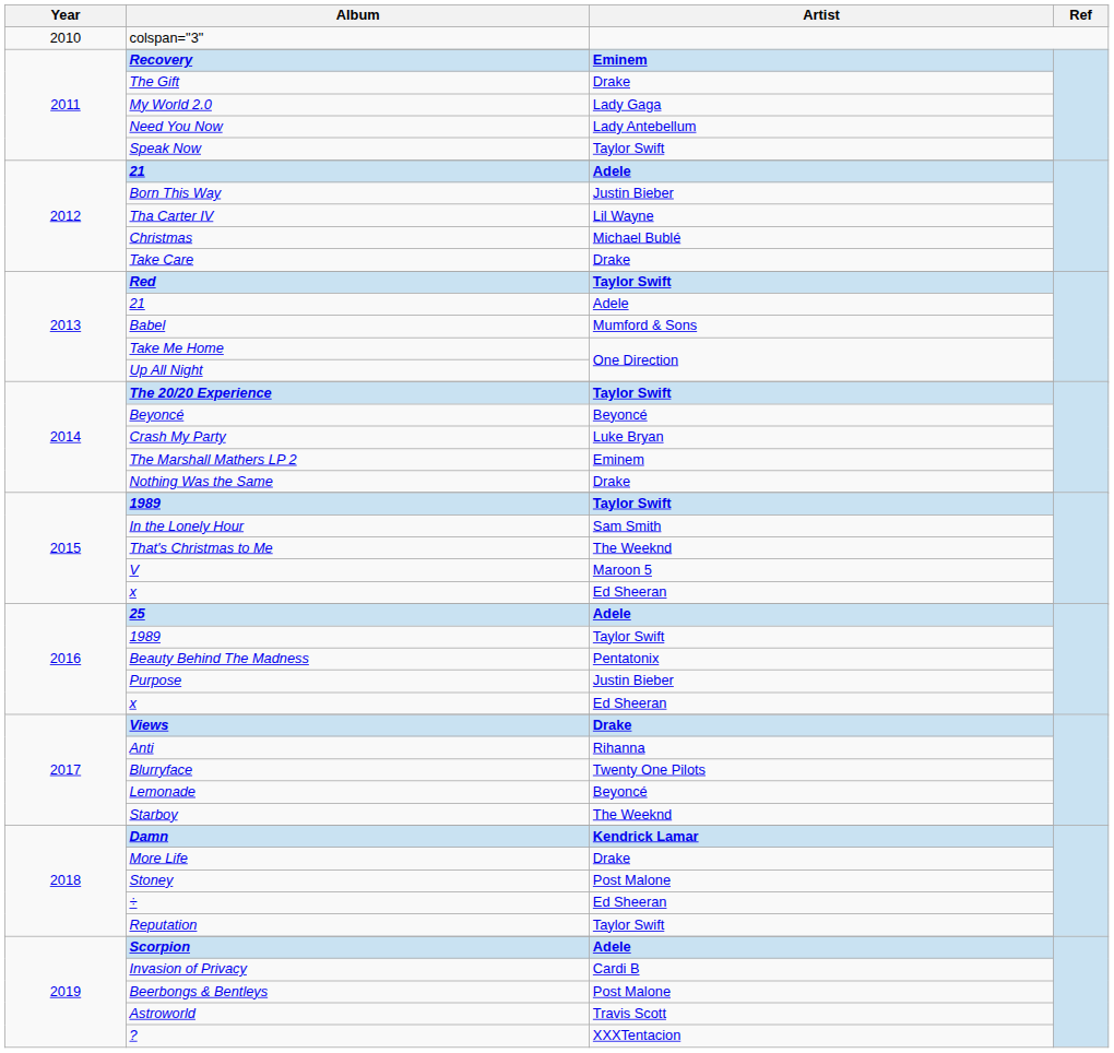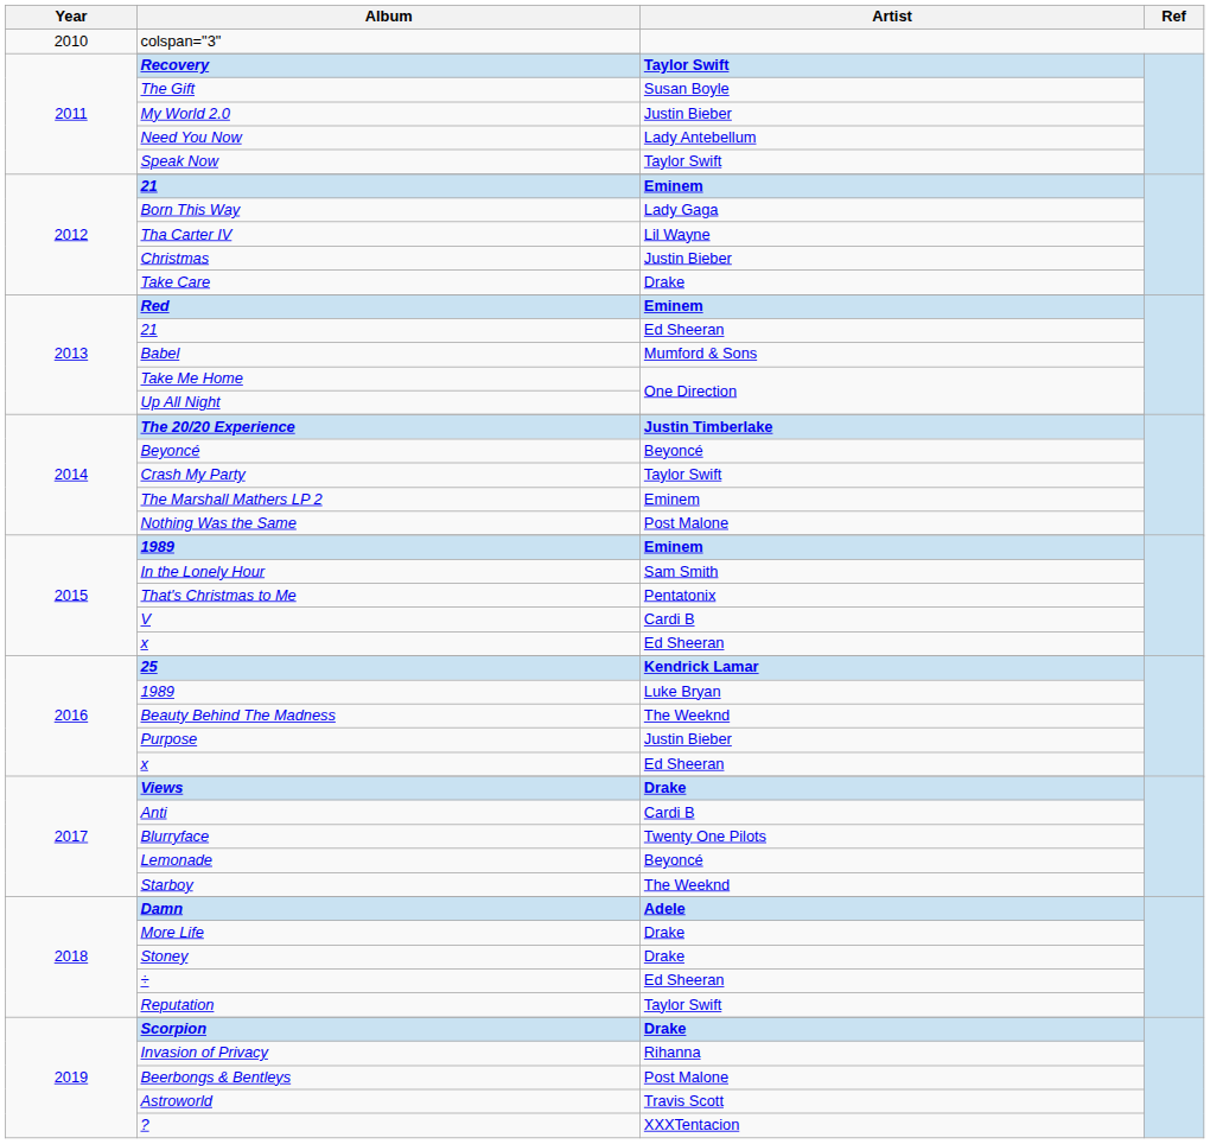 <table class="wikitable" style="width:100%;">
 <tr style="background:#bebebe;">
 <th style="width:11%;">Year</th>
 <th style="width:42%;">Album</th>
 <th style="width:42%;">Artist</th>
 <th style="width:5%;">Ref</th>
 </tr>
 <tr>
 <td align="center">2010</td>
 <td>colspan="3" </td>
 </tr>
 <tr>
 <td rowspan="6" align="center"><a href='#'>2011</a></td>
 </tr>
 <tr style="background:#c9e2f2">
 <td><strong><em><a href='#'>Recovery</a></em></strong></td>
-<td><strong><a href='#'>Eminem</a></strong></td>
+<td><strong><a href='#'>Taylor Swift</a></strong></td>
 <td rowspan="6" align="center"></td>
 </tr>
 <tr>
 <td><em><a href='#'>The Gift</a></em></td>
-<td><a href='#'>Drake</a></td>
+<td><a href='#'>Susan Boyle</a></td>
 </tr>
 <tr>
 <td><em><a href='#'>My World 2.0</a></em></td>
-<td><a href='#'>Lady Gaga</a></td>
+<td><a href='#'>Justin Bieber</a></td>
 </tr>
 <tr>
 <td><em><a href='#'>Need You Now</a></em></td>
 <td><a href='#'>Lady Antebellum</a></td>
 </tr>
 <tr>
 <td><em><a href='#'>Speak Now</a></em></td>
 <td><a href='#'>Taylor Swift</a></td>
 </tr>
 <tr>
 <td rowspan="6" align="center"><a href='#'>2012</a></td>
 </tr>
 <tr style="background:#c9e2f2">
 <td><strong><em><a href='#'>21</a></em></strong></td>
-<td><strong><a href='#'>Adele</a></strong></td>
+<td><strong><a href='#'>Eminem</a></strong></td>
 <td rowspan="6" align="center"></td>
 </tr>
 <tr>
 <td><em><a href='#'>Born This Way</a></em></td>
-<td><a href='#'>Justin Bieber</a></td>
+<td><a href='#'>Lady Gaga</a></td>
 </tr>
 <tr>
 <td><em><a href='#'>Tha Carter IV</a></em></td>
 <td><a href='#'>Lil Wayne</a></td>
 </tr>
 <tr>
 <td><em><a href='#'>Christmas</a></em></td>
-<td><a href='#'>Michael Bublé</a></td>
+<td><a href='#'>Justin Bieber</a></td>
 </tr>
 <tr>
 <td><em><a href='#'>Take Care</a></em></td>
 <td><a href='#'>Drake</a></td>
 </tr>
 <tr>
 <td rowspan="6" align="center"><a href='#'>2013</a></td>
 </tr>
 <tr style="background:#c9e2f2">
 <td><strong><em><a href='#'>Red</a></em></strong></td>
-<td><strong><a href='#'>Taylor Swift</a></strong></td>
+<td><strong><a href='#'>Eminem</a></strong></td>
 <td rowspan="6" align="center"></td>
 </tr>
 <tr>
 <td><em><a href='#'>21</a></em></td>
-<td><a href='#'>Adele</a></td>
+<td><a href='#'>Ed Sheeran</a></td>
 </tr>
 <tr>
 <td><em><a href='#'>Babel</a></em></td>
 <td><a href='#'>Mumford & Sons</a></td>
 </tr>
 <tr>
 <td><em><a href='#'>Take Me Home</a></em></td>
 <td rowspan="2"><a href='#'>One Direction</a></td>
 </tr>
 <tr>
 <td><em><a href='#'>Up All Night</a></em></td>
 </tr>
 <tr>
 <td rowspan="6" align="center"><a href='#'>2014</a></td>
 </tr>
 <tr style="background:#c9e2f2">
 <td><strong><em><a href='#'>The 20/20 Experience</a></em></strong></td>
-<td><strong><a href='#'>Taylor Swift</a></strong></td>
+<td><strong><a href='#'>Justin Timberlake</a></strong></td>
 <td rowspan="6" align="center"></td>
 </tr>
 <tr>
 <td><em><a href='#'>Beyoncé</a></em></td>
 <td><a href='#'>Beyoncé</a></td>
 </tr>
 <tr>
 <td><em><a href='#'>Crash My Party</a></em></td>
-<td><a href='#'>Luke Bryan</a></td>
+<td><a href='#'>Taylor Swift</a></td>
 </tr>
 <tr>
 <td><em><a href='#'>The Marshall Mathers LP 2</a></em></td>
 <td><a href='#'>Eminem</a></td>
 </tr>
 <tr>
 <td><em><a href='#'>Nothing Was the Same</a></em></td>
-<td><a href='#'>Drake</a></td>
+<td><a href='#'>Post Malone</a></td>
 </tr>
 <tr>
 <td rowspan="6" align="center"><a href='#'>2015</a></td>
 </tr>
 <tr style="background:#c9e2f2">
 <td><strong><em><a href='#'>1989</a></em></strong></td>
-<td><strong><a href='#'>Taylor Swift</a></strong></td>
+<td><strong><a href='#'>Eminem</a></strong></td>
 <td rowspan="6" align="center"></td>
 </tr>
 <tr>
 <td><em><a href='#'>In the Lonely Hour</a></em></td>
 <td><a href='#'>Sam Smith</a></td>
 </tr>
 <tr>
 <td><em><a href='#'>That's Christmas to Me</a></em></td>
-<td><a href='#'>The Weeknd</a></td>
+<td><a href='#'>Pentatonix</a></td>
 </tr>
 <tr>
 <td><em><a href='#'>V</a></em></td>
-<td><a href='#'>Maroon 5</a></td>
+<td><a href='#'>Cardi B</a></td>
 </tr>
 <tr>
 <td><em><a href='#'>x</a></em></td>
 <td><a href='#'>Ed Sheeran</a></td>
 </tr>
 <tr>
 <td rowspan="6" align="center"><a href='#'>2016</a></td>
 </tr>
 <tr style="background:#c9e2f2">
 <td><strong><em><a href='#'>25</a></em></strong></td>
-<td><strong><a href='#'>Adele</a></strong></td>
+<td><strong><a href='#'>Kendrick Lamar</a></strong></td>
 <td rowspan="6" align="center"></td>
 </tr>
 <tr>
 <td><em><a href='#'>1989</a></em></td>
-<td><a href='#'>Taylor Swift</a></td>
+<td><a href='#'>Luke Bryan</a></td>
 </tr>
 <tr>
 <td><em><a href='#'>Beauty Behind The Madness</a></em></td>
-<td><a href='#'>Pentatonix</a></td>
+<td><a href='#'>The Weeknd</a></td>
 </tr>
 <tr>
 <td><em><a href='#'>Purpose</a></em></td>
 <td><a href='#'>Justin Bieber</a></td>
 </tr>
 <tr>
 <td><em><a href='#'>x</a></em></td>
 <td><a href='#'>Ed Sheeran</a></td>
 </tr>
 <tr>
 <td rowspan="6" align="center"><a href='#'>2017</a></td>
 </tr>
 <tr style="background:#c9e2f2">
 <td><strong><em><a href='#'>Views</a></em></strong></td>
 <td><strong><a href='#'>Drake</a></strong></td>
 <td rowspan="6" align="center"></td>
 </tr>
 <tr>
 <td><em><a href='#'>Anti</a></em></td>
-<td><a href='#'>Rihanna</a></td>
+<td><a href='#'>Cardi B</a></td>
 </tr>
 <tr>
 <td><em><a href='#'>Blurryface</a></em></td>
 <td><a href='#'>Twenty One Pilots</a></td>
 </tr>
 <tr>
 <td><em><a href='#'>Lemonade</a></em></td>
 <td><a href='#'>Beyoncé</a></td>
 </tr>
 <tr>
 <td><em><a href='#'>Starboy</a></em></td>
 <td><a href='#'>The Weeknd</a></td>
 </tr>
 <tr>
 <td rowspan="6" align="center"><a href='#'>2018</a></td>
 </tr>
 <tr style="background:#c9e2f2">
 <td><strong><em><a href='#'>Damn</a></em></strong></td>
-<td><strong><a href='#'>Kendrick Lamar</a></strong></td>
+<td><strong><a href='#'>Adele</a></strong></td>
 <td rowspan="6" align="center"></td>
 </tr>
 <tr>
 <td><em><a href='#'>More Life</a></em></td>
 <td><a href='#'>Drake</a></td>
 </tr>
 <tr>
 <td><em><a href='#'>Stoney</a></em></td>
-<td><a href='#'>Post Malone</a></td>
+<td><a href='#'>Drake</a></td>
 </tr>
 <tr>
 <td><a href='#'><em>÷</em></a></td>
 <td><a href='#'>Ed Sheeran</a></td>
 </tr>
 <tr>
 <td><em><a href='#'>Reputation</a></em></td>
 <td><a href='#'>Taylor Swift</a></td>
 </tr>
 <tr>
 <td rowspan="6"  align="center"><a href='#'>2019</a></td>
 </tr>
 <tr style="background:#c9e2f2">
 <td><strong><em><a href='#'>Scorpion</a></em></strong></td>
-<td><strong><a href='#'>Adele</a></strong></td>
+<td><strong><a href='#'>Drake</a></strong></td>
 <td rowspan="6"  align="center"></td>
 </tr>
 <tr>
 <td><a href='#'><em>Invasion of Privacy</em></a></td>
-<td><a href='#'>Cardi B</a></td>
+<td><a href='#'>Rihanna</a></td>
 </tr>
 <tr>
 <td><em><a href='#'>Beerbongs & Bentleys</a></em></td>
 <td><a href='#'>Post Malone</a></td>
 </tr>
 <tr>
 <td><em><a href='#'>Astroworld</a></em></td>
 <td><a href='#'>Travis Scott</a></td>
 </tr>
 <tr>
 <td><em><a href='#'>?</a></em></td>
 <td><a href='#'>XXXTentacion</a></td>
 </tr>
 </table>
